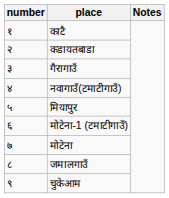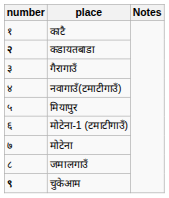 <table class="wikitable sortable">
 <tr>
 <th>number</th>
 <th>place</th>
 <th class="unsortable">Notes</th>
 </tr>
 <tr>
 <td>१</td>
 <td>काटै</td>
 </tr>
 <tr>
-<td>२</td>
+<td><strong>२</strong></td>
 <td>कडायतबाडा</td>
 </tr>
 <tr>
 <td>३</td>
 <td>गैरागाउँ</td>
 </tr>
 <tr>
 <td>४</td>
 <td>नवागाउँ(टमाटीगाउँ)</td>
 </tr>
 <tr>
 <td>५</td>
 <td>मियापुर</td>
 </tr>
 <tr>
 <td>६</td>
 <td>मोटेना-1 (टमाटीगाउँ)</td>
 </tr>
 <tr>
 <td>७</td>
 <td>मोटेना</td>
 </tr>
 <tr>
 <td>८</td>
 <td>जमालगाउँ</td>
 </tr>
 <tr>
-<td>९</td>
+<td><strong>९</strong></td>
 <td>चुकेआम</td>
 </tr>
 </table>
